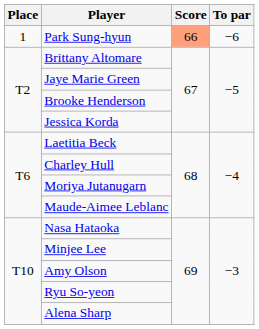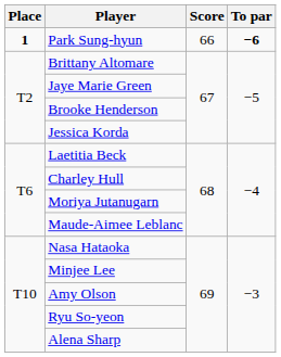 <table class="wikitable">
 <tr>
 <th>Place</th>
 <th>Player</th>
 <th>Score</th>
 <th>To par</th>
 </tr>
 <tr>
-<td align=center>1</td>
+<td align=center><strong>1</strong></td>
 <td> <a href='#'>Park Sung-hyun</a></td>
-<td align=center style="background: lightsalmon;">66</td>
-<td align=center>−6</td>
+<td align=center>66</td>
+<td align=center><strong>−6</strong></td>
 </tr>
 <tr>
 <td rowspan=4 align=center>T2</td>
 <td> <a href='#'>Brittany Altomare</a></td>
 <td rowspan=4 align=center>67</td>
 <td rowspan=4 align=center>−5</td>
 </tr>
 <tr>
 <td> <a href='#'>Jaye Marie Green</a></td>
 </tr>
 <tr>
 <td> <a href='#'>Brooke Henderson</a></td>
 </tr>
 <tr>
 <td> <a href='#'>Jessica Korda</a></td>
 </tr>
 <tr>
 <td rowspan=4 align=center>T6</td>
 <td> <a href='#'>Laetitia Beck</a></td>
 <td rowspan=4 align=center>68</td>
 <td rowspan=4 align=center>−4</td>
 </tr>
 <tr>
 <td> <a href='#'>Charley Hull</a></td>
 </tr>
 <tr>
 <td> <a href='#'>Moriya Jutanugarn</a></td>
 </tr>
 <tr>
 <td> <a href='#'>Maude-Aimee Leblanc</a></td>
 </tr>
 <tr>
 <td rowspan=5 align=center>T10</td>
 <td> <a href='#'>Nasa Hataoka</a></td>
 <td rowspan=5 align=center>69</td>
 <td rowspan=5 align=center>−3</td>
 </tr>
 <tr>
 <td> <a href='#'>Minjee Lee</a></td>
 </tr>
 <tr>
 <td> <a href='#'>Amy Olson</a></td>
 </tr>
 <tr>
 <td> <a href='#'>Ryu So-yeon</a></td>
 </tr>
 <tr>
 <td> <a href='#'>Alena Sharp</a></td>
 </tr>
 </table>
